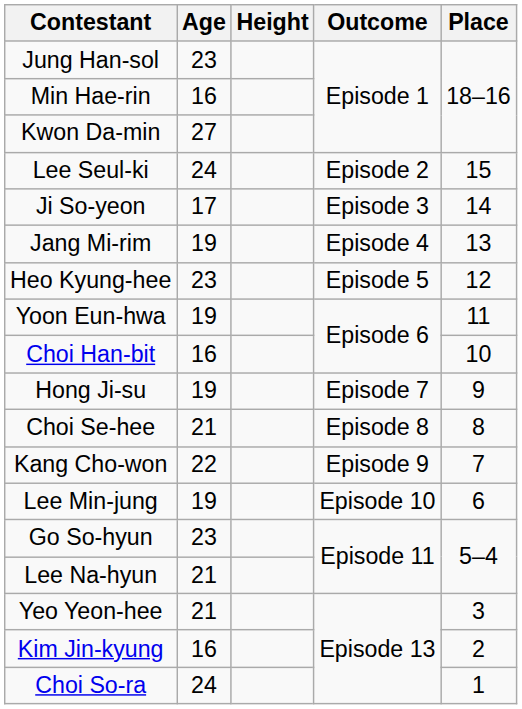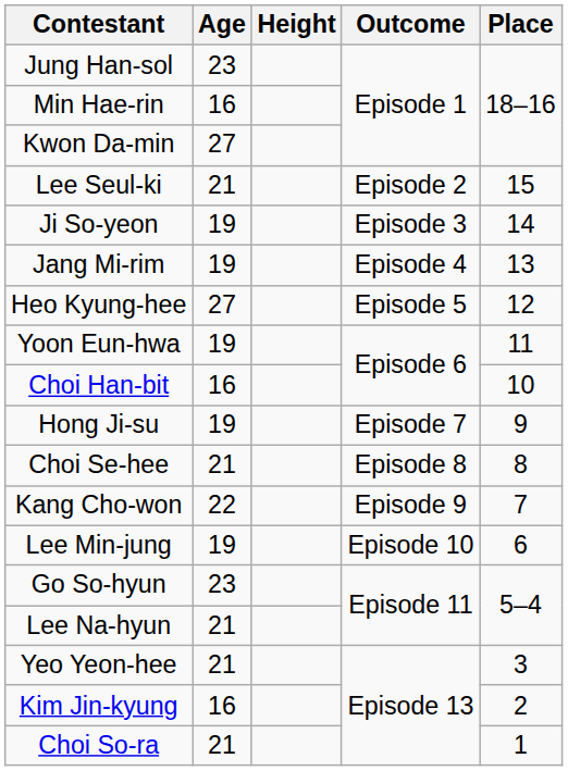 <table class="wikitable sortable" style="text-align:center;">
 <tr>
 <th>Contestant</th>
 <th>Age</th>
 <th>Height</th>
 <th>Outcome</th>
 <th>Place</th>
 </tr>
 <tr>
 <td>Jung Han-sol</td>
 <td>23</td>
 <td></td>
 <td rowspan="3">Episode 1</td>
 <td rowspan="3">18–16</td>
 </tr>
 <tr>
 <td>Min Hae-rin</td>
 <td>16</td>
 <td></td>
 </tr>
 <tr>
 <td>Kwon Da-min</td>
 <td>27</td>
 <td></td>
 </tr>
 <tr>
 <td>Lee Seul-ki</td>
-<td>24</td>
+<td>21</td>
 <td></td>
 <td>Episode 2</td>
 <td>15</td>
 </tr>
 <tr>
 <td>Ji So-yeon</td>
-<td>17</td>
+<td>19</td>
 <td></td>
 <td>Episode 3</td>
 <td>14</td>
 </tr>
 <tr>
 <td>Jang Mi-rim</td>
 <td>19</td>
 <td></td>
 <td>Episode 4</td>
 <td>13</td>
 </tr>
 <tr>
 <td>Heo Kyung-hee</td>
-<td>23</td>
+<td>27</td>
 <td></td>
 <td>Episode 5</td>
 <td>12</td>
 </tr>
 <tr>
 <td>Yoon Eun-hwa</td>
 <td>19</td>
 <td></td>
 <td rowspan="2">Episode 6</td>
 <td>11</td>
 </tr>
 <tr>
 <td><a href='#'>Choi Han-bit</a></td>
 <td>16</td>
 <td></td>
 <td>10</td>
 </tr>
 <tr>
 <td>Hong Ji-su</td>
 <td>19</td>
 <td></td>
 <td>Episode 7</td>
 <td>9</td>
 </tr>
 <tr>
 <td>Choi Se-hee</td>
 <td>21</td>
 <td></td>
 <td>Episode 8</td>
 <td>8</td>
 </tr>
 <tr>
 <td>Kang Cho-won</td>
 <td>22</td>
 <td></td>
 <td>Episode 9</td>
 <td>7</td>
 </tr>
 <tr>
 <td>Lee Min-jung</td>
 <td>19</td>
 <td></td>
 <td>Episode 10</td>
 <td>6</td>
 </tr>
 <tr>
 <td>Go So-hyun</td>
 <td>23</td>
 <td></td>
 <td rowspan="2">Episode 11</td>
 <td rowspan="2">5–4</td>
 </tr>
 <tr>
 <td>Lee Na-hyun</td>
 <td>21</td>
 <td></td>
 </tr>
 <tr>
 <td>Yeo Yeon-hee</td>
 <td>21</td>
 <td></td>
 <td rowspan="3">Episode 13</td>
 <td>3</td>
 </tr>
 <tr>
 <td><a href='#'>Kim Jin-kyung</a></td>
 <td>16</td>
 <td></td>
 <td>2</td>
 </tr>
 <tr>
 <td><a href='#'>Choi So-ra</a></td>
-<td>24</td>
+<td>21</td>
 <td></td>
 <td>1</td>
 </tr>
 </table>
